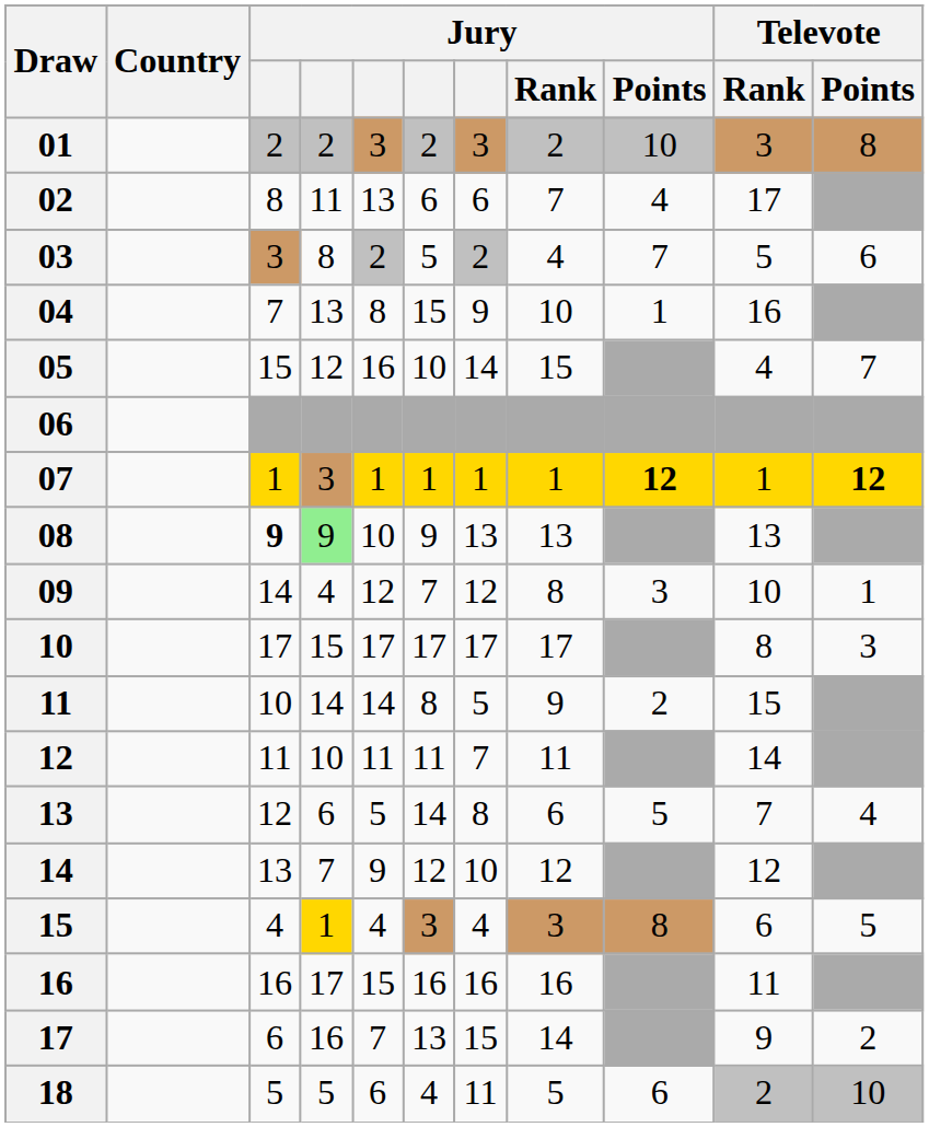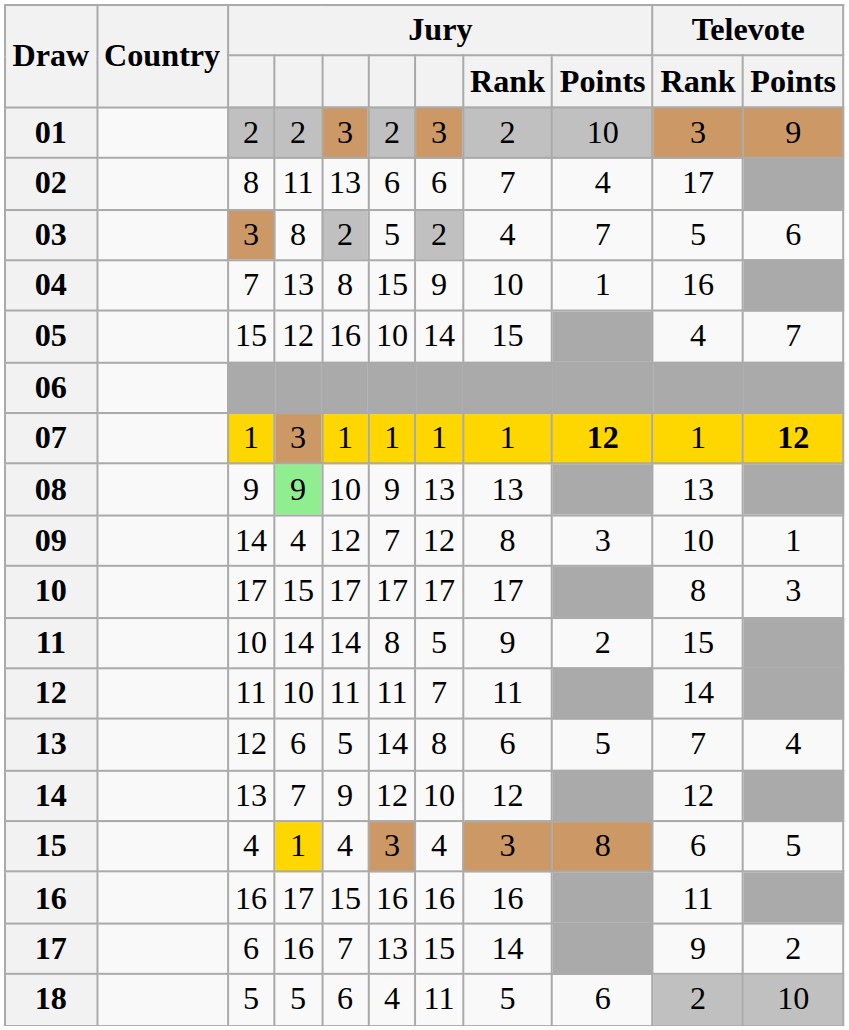 <table class="sortable wikitable collapsible plainrowheaders" style="text-align:center;">
 <tr>
 </tr>
 <tr>
 <th scope="col" rowspan="2">Draw</th>
 <th scope="col" rowspan="2">Country</th>
 <th scope="col" colspan="7">Jury</th>
 <th scope="col" colspan="2">Televote</th>
 </tr>
 <tr>
 <th scope="col"><small></small></th>
 <th scope="col"><small></small></th>
 <th scope="col"><small></small></th>
 <th scope="col"><small></small></th>
 <th scope="col"><small></small></th>
 <th scope="col">Rank</th>
 <th scope="col">Points</th>
 <th scope="col">Rank</th>
 <th scope="col">Points</th>
 </tr>
 <tr>
 <th scope="row" style="text-align:center;">01</th>
 <td style="text-align:left;"></td>
 <td style="background:silver;">2</td>
 <td style="background:silver;">2</td>
 <td style="background:#CC9966;">3</td>
 <td style="background:silver;">2</td>
 <td style="background:#CC9966;">3</td>
 <td style="background:silver;">2</td>
 <td style="background:silver;">10</td>
 <td style="background:#CC9966;">3</td>
-<td style="background:#CC9966;">8</td>
+<td style="background:#CC9966;">9</td>
 </tr>
 <tr>
 <th scope="row" style="text-align:center;">02</th>
 <td style="text-align:left;"></td>
 <td>8</td>
 <td>11</td>
 <td>13</td>
 <td>6</td>
 <td>6</td>
 <td>7</td>
 <td>4</td>
 <td>17</td>
 <td style="background:#AAAAAA;"></td>
 </tr>
 <tr>
 <th scope="row" style="text-align:center;">03</th>
 <td style="text-align:left;"></td>
 <td style="background:#CC9966;">3</td>
 <td>8</td>
 <td style="background:silver;">2</td>
 <td>5</td>
 <td style="background:silver;">2</td>
 <td>4</td>
 <td>7</td>
 <td>5</td>
 <td>6</td>
 </tr>
 <tr>
 <th scope="row" style="text-align:center;">04</th>
 <td style="text-align:left;"></td>
 <td>7</td>
 <td>13</td>
 <td>8</td>
 <td>15</td>
 <td>9</td>
 <td>10</td>
 <td>1</td>
 <td>16</td>
 <td style="background:#AAAAAA;"></td>
 </tr>
 <tr>
 <th scope="row" style="text-align:center;">05</th>
 <td style="text-align:left;"></td>
 <td>15</td>
 <td>12</td>
 <td>16</td>
 <td>10</td>
 <td>14</td>
 <td>15</td>
 <td style="background:#AAAAAA;"></td>
 <td>4</td>
 <td>7</td>
 </tr>
 <tr class="sortbottom">
 <th scope="row" style="text-align:center;">06</th>
 <td style="text-align:left;"></td>
 <td style="background:#AAAAAA;"></td>
 <td style="background:#AAAAAA;"></td>
 <td style="background:#AAAAAA;"></td>
 <td style="background:#AAAAAA;"></td>
 <td style="background:#AAAAAA;"></td>
 <td style="background:#AAAAAA;"></td>
 <td style="background:#AAAAAA;"></td>
 <td style="background:#AAAAAA;"></td>
 <td style="background:#AAAAAA;"></td>
 </tr>
 <tr>
 <th scope="row" style="text-align:center;">07</th>
 <td style="text-align:left;"></td>
 <td style="background:gold;">1</td>
 <td style="background:#CC9966;">3</td>
 <td style="background:gold;">1</td>
 <td style="background:gold;">1</td>
 <td style="background:gold;">1</td>
 <td style="background:gold;">1</td>
 <td style="background:gold;"><strong>12</strong></td>
 <td style="background:gold;">1</td>
 <td style="background:gold;"><strong>12</strong></td>
 </tr>
 <tr>
 <th scope="row" style="text-align:center;">08</th>
 <td style="text-align:left;"></td>
-<td><strong>9</strong></td>
+<td>9</td>
 <td style="background: lightgreen;">9</td>
 <td>10</td>
 <td>9</td>
 <td>13</td>
 <td>13</td>
 <td style="background:#AAAAAA;"></td>
 <td>13</td>
 <td style="background:#AAAAAA;"></td>
 </tr>
 <tr>
 <th scope="row" style="text-align:center;">09</th>
 <td style="text-align:left;"></td>
 <td>14</td>
 <td>4</td>
 <td>12</td>
 <td>7</td>
 <td>12</td>
 <td>8</td>
 <td>3</td>
 <td>10</td>
 <td>1</td>
 </tr>
 <tr>
 <th scope="row" style="text-align:center;">10</th>
 <td style="text-align:left;"></td>
 <td>17</td>
 <td>15</td>
 <td>17</td>
 <td>17</td>
 <td>17</td>
 <td>17</td>
 <td style="background:#AAAAAA;"></td>
 <td>8</td>
 <td>3</td>
 </tr>
 <tr>
 <th scope="row" style="text-align:center;">11</th>
 <td style="text-align:left;"></td>
 <td>10</td>
 <td>14</td>
 <td>14</td>
 <td>8</td>
 <td>5</td>
 <td>9</td>
 <td>2</td>
 <td>15</td>
 <td style="background:#AAAAAA;"></td>
 </tr>
 <tr>
 <th scope="row" style="text-align:center;">12</th>
 <td style="text-align:left;"></td>
 <td>11</td>
 <td>10</td>
 <td>11</td>
 <td>11</td>
 <td>7</td>
 <td>11</td>
 <td style="background:#AAAAAA;"></td>
 <td>14</td>
 <td style="background:#AAAAAA;"></td>
 </tr>
 <tr>
 <th scope="row" style="text-align:center;">13</th>
 <td style="text-align:left;"></td>
 <td>12</td>
 <td>6</td>
 <td>5</td>
 <td>14</td>
 <td>8</td>
 <td>6</td>
 <td>5</td>
 <td>7</td>
 <td>4</td>
 </tr>
 <tr>
 <th scope="row" style="text-align:center;">14</th>
 <td style="text-align:left;"></td>
 <td>13</td>
 <td>7</td>
 <td>9</td>
 <td>12</td>
 <td>10</td>
 <td>12</td>
 <td style="background:#AAAAAA;"></td>
 <td>12</td>
 <td style="background:#AAAAAA;"></td>
 </tr>
 <tr>
 <th scope="row" style="text-align:center;">15</th>
 <td style="text-align:left;"></td>
 <td>4</td>
 <td style="background:gold;">1</td>
 <td>4</td>
 <td style="background:#CC9966;">3</td>
 <td>4</td>
 <td style="background:#CC9966;">3</td>
 <td style="background:#CC9966;">8</td>
 <td>6</td>
 <td>5</td>
 </tr>
 <tr>
 <th scope="row" style="text-align:center;">16</th>
 <td style="text-align:left;"></td>
 <td>16</td>
 <td>17</td>
 <td>15</td>
 <td>16</td>
 <td>16</td>
 <td>16</td>
 <td style="background:#AAAAAA;"></td>
 <td>11</td>
 <td style="background:#AAAAAA;"></td>
 </tr>
 <tr>
 <th scope="row" style="text-align:center;">17</th>
 <td style="text-align:left;"></td>
 <td>6</td>
 <td>16</td>
 <td>7</td>
 <td>13</td>
 <td>15</td>
 <td>14</td>
 <td style="background:#AAAAAA;"></td>
 <td>9</td>
 <td>2</td>
 </tr>
 <tr>
 <th scope="row" style="text-align:center;">18</th>
 <td style="text-align:left;"></td>
 <td>5</td>
 <td>5</td>
 <td>6</td>
 <td>4</td>
 <td>11</td>
 <td>5</td>
 <td>6</td>
 <td style="background:silver;">2</td>
 <td style="background:silver;">10</td>
 </tr>
 </table>
